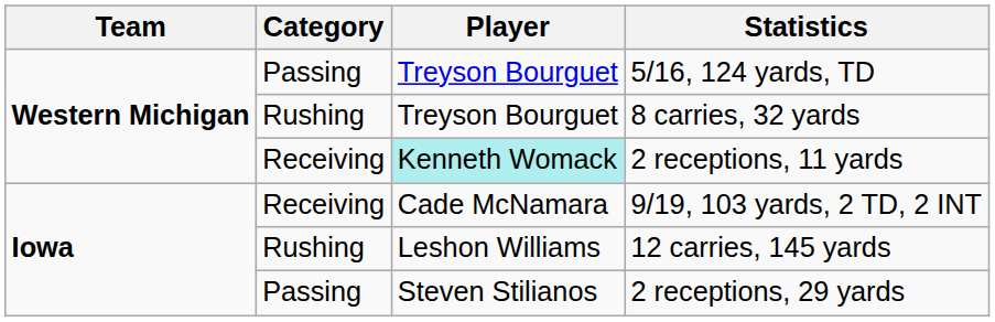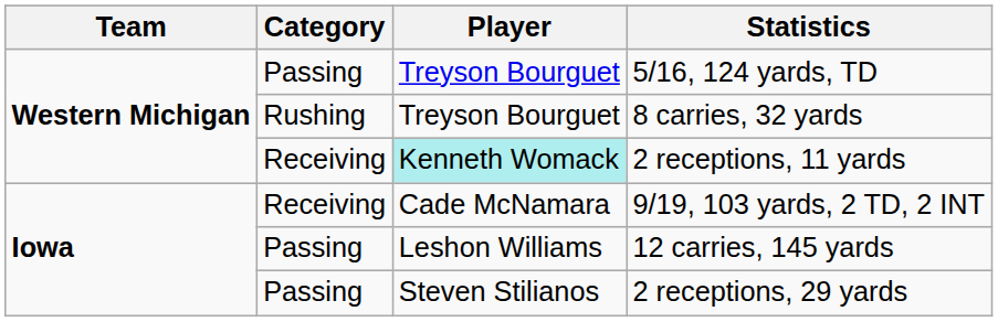 <table class="wikitable" style="float: left;">
 <tr>
 <th>Team</th>
 <th>Category</th>
 <th>Player</th>
 <th>Statistics</th>
 </tr>
 <tr>
 <td rowspan=3><strong>Western Michigan</strong></td>
 <td>Passing</td>
 <td><a href='#'>Treyson Bourguet</a></td>
 <td>5/16, 124 yards, TD</td>
 </tr>
 <tr>
 <td>Rushing</td>
 <td>Treyson Bourguet</td>
 <td>8 carries, 32 yards</td>
 </tr>
 <tr>
 <td>Receiving</td>
 <td style="background: paleturquoise;">Kenneth Womack</td>
 <td>2 receptions, 11 yards</td>
 </tr>
 <tr>
 <td rowspan=3><strong>Iowa</strong></td>
 <td>Receiving</td>
 <td>Cade McNamara</td>
 <td>9/19, 103 yards, 2 TD, 2 INT</td>
 </tr>
 <tr>
-<td>Rushing</td>
+<td>Passing</td>
 <td>Leshon Williams</td>
 <td>12 carries, 145 yards</td>
 </tr>
 <tr>
 <td>Passing</td>
 <td>Steven Stilianos</td>
 <td>2 receptions, 29 yards</td>
 </tr>
 </table>
